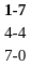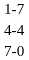 <table style="text-align:center">
 <tr>
 <th width=200></th>
 <th width=100></th>
 <th width=200></th>
 </tr>
 <tr>
 <td align=right></td>
-<td><strong>1-7</strong></td>
+<td>1-7</td>
 <td align=left></td>
 </tr>
 <tr>
 <td align=right></td>
 <td>4-4</td>
 <td align=left></td>
 </tr>
 <tr>
 <td align=right></td>
 <td>7-0</td>
 <td align=left></td>
 </tr>
 </table>
